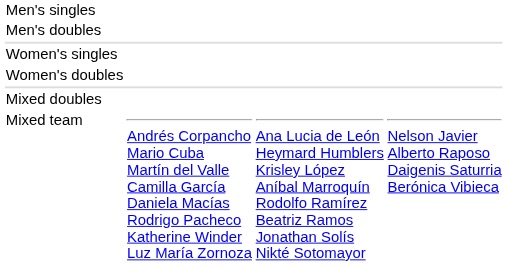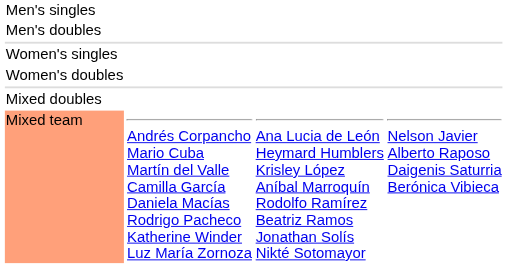 <table>
 <tr>
 <td rowspan=2>Men's singles</td>
 <td rowspan=2></td>
 <td rowspan=2></td>
 <td></td>
 </tr>
 <tr>
 <td></td>
 </tr>
 <tr>
 <td rowspan=2>Men's doubles</td>
 <td rowspan=2></td>
 <td rowspan=2></td>
 <td></td>
 </tr>
 <tr>
 <td></td>
 </tr>
 <tr bgcolor=#DDDDDD>
 <td colspan=7></td>
 </tr>
 <tr>
 <td rowspan=2>Women's singles</td>
 <td rowspan=2></td>
 <td rowspan=2></td>
 <td></td>
 </tr>
 <tr>
 <td></td>
 </tr>
 <tr>
 <td rowspan=2>Women's doubles</td>
 <td rowspan=2></td>
 <td rowspan=2></td>
 <td></td>
 </tr>
 <tr>
 <td></td>
 </tr>
 <tr bgcolor=#DDDDDD>
 <td colspan=7></td>
 </tr>
 <tr>
 <td rowspan=2>Mixed doubles</td>
 <td rowspan=2></td>
 <td rowspan=2></td>
 <td></td>
 </tr>
 <tr>
 <td></td>
 </tr>
 <tr valign="top">
-<td>Mixed team<br></td>
+<td style="background: lightsalmon;">Mixed team<br></td>
 <td><hr><a href='#'>Andrés Corpancho</a><br><a href='#'>Mario Cuba</a><br><a href='#'>Martín del Valle</a><br><a href='#'>Camilla García</a><br><a href='#'>Daniela Macías</a><br><a href='#'>Rodrigo Pacheco</a><br><a href='#'>Katherine Winder</a><br><a href='#'>Luz María Zornoza</a></td>
 <td><hr><a href='#'>Ana Lucia de León</a><br><a href='#'>Heymard Humblers</a><br><a href='#'>Krisley López</a><br><a href='#'>Aníbal Marroquín</a><br><a href='#'>Rodolfo Ramírez</a><br><a href='#'>Beatriz Ramos</a><br><a href='#'>Jonathan Solís</a><br><a href='#'>Nikté Sotomayor</a></td>
 <td><hr><a href='#'>Nelson Javier</a><br><a href='#'>Alberto Raposo</a><br><a href='#'>Daigenis Saturria</a><br><a href='#'>Berónica Vibieca</a></td>
 </tr>
 </table>
